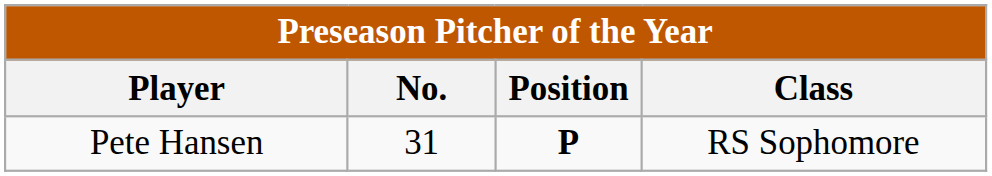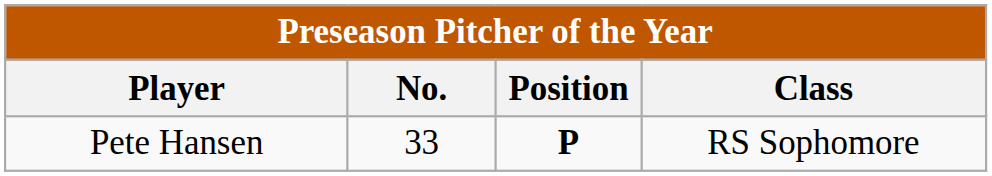 <table class="wikitable" style="text-align:center">
 <tr>
 <td colspan="5" style= "background: #BF5700; color:white"><strong>Preseason Pitcher of the Year</strong></td>
 </tr>
 <tr>
 <th style="width:150px; ">Player</th>
 <th style="width:60px; ">No.</th>
 <th style="width:60px; ">Position</th>
 <th style="width:150px; ">Class</th>
 </tr>
 <tr>
 <td>Pete Hansen</td>
-<td>31</td>
+<td>33</td>
 <td><strong>P</strong></td>
 <td>RS Sophomore</td>
 </tr>
 </table>
